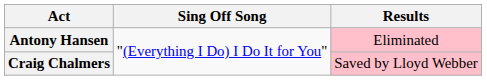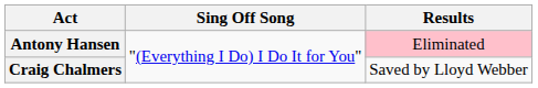 <table class="wikitable plainrowheaders" style="text-align:center;">
 <tr>
 <th scope="col">Act</th>
 <th scope="col">Sing Off Song</th>
 <th scope="col">Results</th>
 </tr>
 <tr>
 <th scope="row">Antony Hansen</th>
 <td rowspan="2">"<a href='#'>(Everything I Do) I Do It for You</a>"</td>
 <td style="background:pink;">Eliminated</td>
 </tr>
 <tr>
 <th scope="row">Craig Chalmers</th>
-<td style="background: pink;">Saved by Lloyd Webber</td>
+<td>Saved by Lloyd Webber</td>
 </tr>
 </table>
